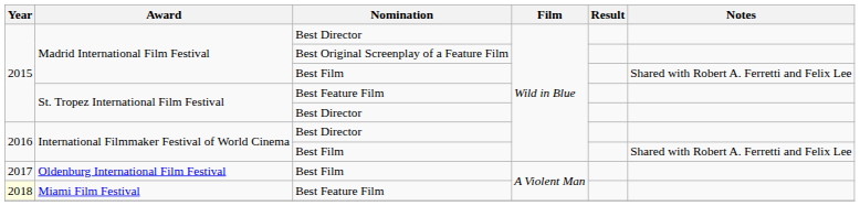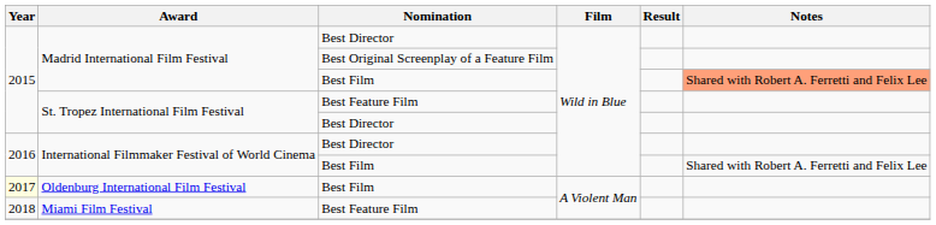 <table class="wikitable">
 <tr>
 <th>Year</th>
 <th>Award</th>
 <th>Nomination</th>
 <th>Film</th>
 <th>Result</th>
 <th>Notes</th>
 </tr>
 <tr>
 <td rowspan=5>2015</td>
 <td rowspan=3>Madrid International Film Festival</td>
 <td>Best Director</td>
 <td rowspan=7><em>Wild in Blue</em></td>
 <td></td>
 <td></td>
 </tr>
 <tr>
 <td>Best Original Screenplay of a Feature Film</td>
 <td></td>
 <td></td>
 </tr>
 <tr>
 <td>Best Film</td>
 <td></td>
-<td>Shared with Robert A. Ferretti and Felix Lee</td>
+<td style="background: lightsalmon;">Shared with Robert A. Ferretti and Felix Lee</td>
 </tr>
 <tr>
 <td rowspan=2>St. Tropez International Film Festival</td>
 <td>Best Feature Film</td>
 <td></td>
 <td></td>
 </tr>
 <tr>
 <td>Best Director</td>
 <td></td>
 <td></td>
 </tr>
 <tr>
 <td rowspan=2>2016</td>
 <td rowspan=2>International Filmmaker Festival of World Cinema</td>
 <td>Best Director</td>
 <td></td>
 <td></td>
 </tr>
 <tr>
 <td>Best Film</td>
 <td></td>
 <td>Shared with Robert A. Ferretti and Felix Lee</td>
 </tr>
 <tr>
-<td>2017</td>
+<td style="background: lightyellow;">2017</td>
 <td><a href='#'>Oldenburg International Film Festival</a></td>
 <td>Best Film</td>
 <td rowspan=2><em>A Violent Man</em></td>
 <td></td>
 <td></td>
 </tr>
 <tr>
-<td style="background: lightyellow;">2018</td>
+<td>2018</td>
 <td><a href='#'>Miami Film Festival</a></td>
 <td>Best Feature Film</td>
 <td></td>
 <td></td>
 </tr>
 <tr>
 </tr>
 </table>
